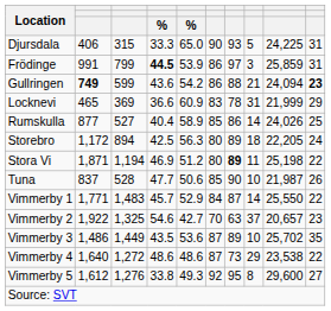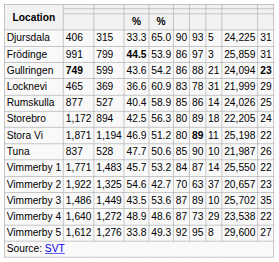 <table role="presentation" class="wikitable sortable mw-collapsible">
 <tr>
 <th rowspan="3">Location</th>
 <th></th>
 <th></th>
 <th></th>
 <th></th>
 <th></th>
 <th></th>
 <th></th>
 <th></th>
 <th></th>
 </tr>
 <tr>
 <th></th>
 <th></th>
 <th style="background:"></th>
 <th style="background:"></th>
 <th></th>
 <th></th>
 <th></th>
 <th></th>
 <th></th>
 </tr>
 <tr>
 <th data-sort-type="number"></th>
 <th data-sort-type="number"></th>
 <th data-sort-type="number">%</th>
 <th data-sort-type="number">%</th>
 <th data-sort-type="number"></th>
 <th data-sort-type="number"></th>
 <th data-sort-type="number"></th>
 <th data-sort-type="number"></th>
 <th data-sort-type="number"></th>
 </tr>
 <tr>
 <td align="left">Djursdala</td>
 <td>406</td>
 <td>315</td>
 <td>33.3</td>
 <td>65.0</td>
 <td>90</td>
 <td>93</td>
 <td>5</td>
 <td>24,225</td>
 <td>31</td>
 </tr>
 <tr>
 <td align="left">Frödinge</td>
 <td>991</td>
 <td>799</td>
 <td><strong>44.5</strong></td>
 <td>53.9</td>
 <td>86</td>
 <td>97</td>
 <td>3</td>
 <td>25,859</td>
 <td>31</td>
 </tr>
 <tr>
 <td align="left">Gullringen</td>
 <td><strong>749</strong></td>
 <td>599</td>
 <td>43.6</td>
 <td>54.2</td>
 <td>86</td>
 <td>88</td>
 <td>21</td>
 <td>24,094</td>
 <td><strong>23</strong></td>
 </tr>
 <tr>
 <td align="left">Locknevi</td>
 <td>465</td>
 <td>369</td>
 <td>36.6</td>
 <td>60.9</td>
 <td>83</td>
 <td>78</td>
 <td>31</td>
 <td>21,999</td>
 <td>29</td>
 </tr>
 <tr>
 <td align="left">Rumskulla</td>
 <td>877</td>
 <td>527</td>
 <td>40.4</td>
 <td>58.9</td>
 <td>85</td>
 <td>86</td>
 <td>14</td>
 <td>24,026</td>
 <td>25</td>
 </tr>
 <tr>
 <td align="left">Storebro</td>
 <td>1,172</td>
 <td>894</td>
 <td>42.5</td>
 <td>56.3</td>
 <td>80</td>
 <td>89</td>
 <td>18</td>
 <td>22,205</td>
 <td>24</td>
 </tr>
 <tr>
 <td align="left">Stora Vi</td>
 <td>1,871</td>
 <td>1,194</td>
 <td>46.9</td>
 <td>51.2</td>
 <td>80</td>
 <td><strong>89</strong></td>
 <td>11</td>
 <td>25,198</td>
 <td>22</td>
 </tr>
 <tr>
 <td align="left">Tuna</td>
 <td>837</td>
 <td>528</td>
 <td>47.7</td>
 <td>50.6</td>
 <td>85</td>
 <td>90</td>
 <td>10</td>
 <td>21,987</td>
 <td>26</td>
 </tr>
 <tr>
 <td align="left">Vimmerby 1</td>
 <td>1,771</td>
 <td>1,483</td>
 <td>45.7</td>
-<td>52.9</td>
+<td>53.2</td>
 <td>84</td>
 <td>87</td>
 <td>14</td>
 <td>25,550</td>
 <td>22</td>
 </tr>
 <tr>
 <td align="left">Vimmerby 2</td>
 <td>1,922</td>
 <td>1,325</td>
 <td>54.6</td>
 <td>42.7</td>
 <td>70</td>
 <td>63</td>
 <td>37</td>
 <td>20,657</td>
 <td>23</td>
 </tr>
 <tr>
 <td align="left">Vimmerby 3</td>
 <td>1,486</td>
 <td>1,449</td>
 <td>43.5</td>
 <td>53.6</td>
 <td>87</td>
 <td>89</td>
 <td>10</td>
 <td>25,702</td>
 <td>35</td>
 </tr>
 <tr>
 <td align="left">Vimmerby 4</td>
 <td>1,640</td>
 <td>1,272</td>
-<td>48.6</td>
+<td>48.9</td>
 <td>48.6</td>
 <td>87</td>
 <td>73</td>
 <td>29</td>
 <td>23,538</td>
 <td>22</td>
 </tr>
 <tr>
 <td align="left">Vimmerby 5</td>
 <td>1,612</td>
 <td>1,276</td>
 <td>33.8</td>
 <td>49.3</td>
 <td>92</td>
 <td>95</td>
 <td>8</td>
 <td>29,600</td>
 <td>27</td>
 </tr>
 <tr>
 <td colspan="10" align="left">Source: <a href='#'>SVT</a></td>
 </tr>
 </table>
